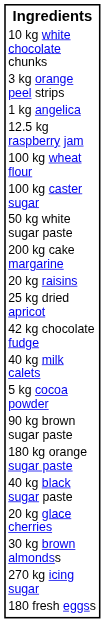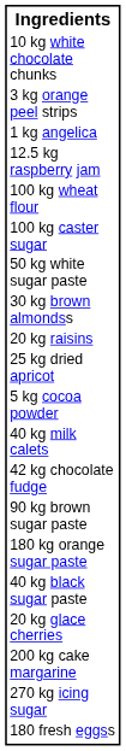 <table align="right" style="valign=top; border:2px solid black; width:20%;" class="collapsible collapsed">
 <tr>
 <th style="font-size:120%; text-align:center;">Ingredients</th>
 </tr>
 <tr>
 <td>10 kg <a href='#'>white chocolate</a> chunks</td>
 </tr>
 <tr>
 <td>3 kg <a href='#'>orange</a> <a href='#'>peel</a> strips</td>
 </tr>
 <tr>
 <td>1 kg <a href='#'>angelica</a></td>
 </tr>
 <tr>
 <td>12.5 kg <a href='#'>raspberry</a> <a href='#'>jam</a></td>
 </tr>
 <tr>
 <td>100 kg <a href='#'>wheat flour</a></td>
 </tr>
 <tr>
 <td>100 kg <a href='#'>caster sugar</a></td>
 </tr>
 <tr>
 <td>50 kg white sugar paste</td>
 </tr>
 <tr>
-<td>200 kg cake <a href='#'>margarine</a></td>
+<td>30 kg <a href='#'>brown almonds</a>s</td>
 </tr>
 <tr>
 <td>20 kg <a href='#'>raisins</a></td>
 </tr>
 <tr>
 <td>25 kg dried <a href='#'>apricot</a></td>
 </tr>
 <tr>
-<td>42 kg chocolate <a href='#'>fudge</a></td>
+<td>5 kg <a href='#'>cocoa powder</a></td>
 </tr>
 <tr>
 <td>40 kg <a href='#'>milk calets</a></td>
 </tr>
 <tr>
-<td>5 kg <a href='#'>cocoa powder</a></td>
+<td>42 kg chocolate <a href='#'>fudge</a></td>
 </tr>
 <tr>
 <td>90 kg brown sugar paste</td>
 </tr>
 <tr>
 <td>180 kg orange <a href='#'>sugar paste</a></td>
 </tr>
 <tr>
 <td>40 kg <a href='#'>black sugar</a> paste</td>
 </tr>
 <tr>
 <td>20 kg <a href='#'>glace cherries</a></td>
 </tr>
 <tr>
-<td>30 kg <a href='#'>brown almonds</a>s</td>
+<td>200 kg cake <a href='#'>margarine</a></td>
 </tr>
 <tr>
 <td>270 kg <a href='#'>icing sugar</a></td>
 </tr>
 <tr>
 <td>180 fresh <a href='#'>eggs</a>s</td>
 </tr>
 <tr>
 </tr>
 </table>
